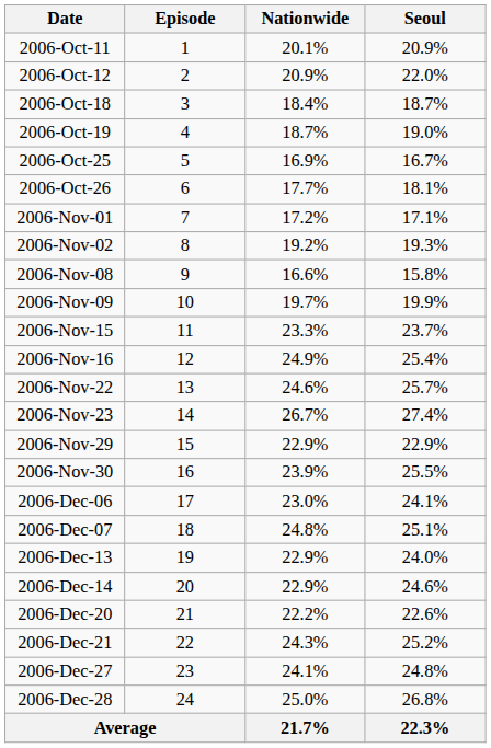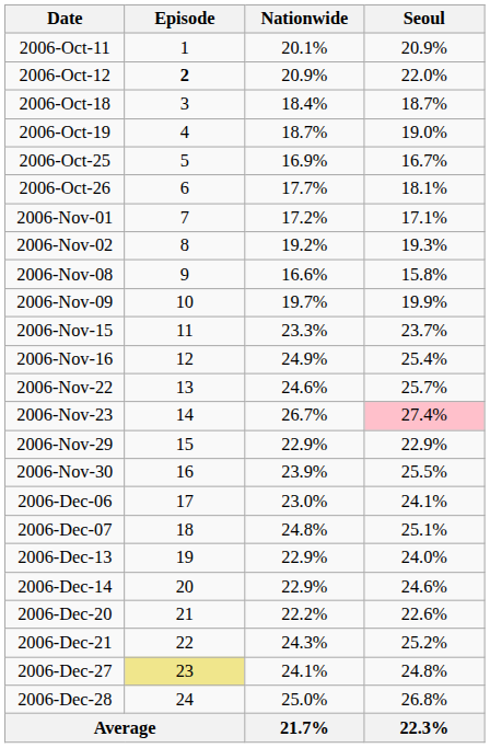 <table class="wikitable">
 <tr>
 <th width=100>Date</th>
 <th width=100>Episode</th>
 <th width=100>Nationwide</th>
 <th width=100>Seoul</th>
 </tr>
 <tr align=center>
 <td>2006-Oct-11</td>
 <td>1</td>
 <td>20.1%</td>
 <td>20.9%</td>
 </tr>
 <tr align=center>
 <td>2006-Oct-12</td>
-<td>2</td>
+<td><strong>2</strong></td>
 <td>20.9%</td>
 <td>22.0%</td>
 </tr>
 <tr align=center>
 <td>2006-Oct-18</td>
 <td>3</td>
 <td>18.4%</td>
 <td>18.7%</td>
 </tr>
 <tr align=center>
 <td>2006-Oct-19</td>
 <td>4</td>
 <td>18.7%</td>
 <td>19.0%</td>
 </tr>
 <tr align=center>
 <td>2006-Oct-25</td>
 <td>5</td>
 <td>16.9%</td>
 <td>16.7%</td>
 </tr>
 <tr align=center>
 <td>2006-Oct-26</td>
 <td>6</td>
 <td>17.7%</td>
 <td>18.1%</td>
 </tr>
 <tr align=center>
 <td>2006-Nov-01</td>
 <td>7</td>
 <td>17.2%</td>
 <td>17.1%</td>
 </tr>
 <tr align=center>
 <td>2006-Nov-02</td>
 <td>8</td>
 <td>19.2%</td>
 <td>19.3%</td>
 </tr>
 <tr align=center>
 <td>2006-Nov-08</td>
 <td>9</td>
 <td>16.6%</td>
 <td>15.8%</td>
 </tr>
 <tr align=center>
 <td>2006-Nov-09</td>
 <td>10</td>
 <td>19.7%</td>
 <td>19.9%</td>
 </tr>
 <tr align=center>
 <td>2006-Nov-15</td>
 <td>11</td>
 <td>23.3%</td>
 <td>23.7%</td>
 </tr>
 <tr align=center>
 <td>2006-Nov-16</td>
 <td>12</td>
 <td>24.9%</td>
 <td>25.4%</td>
 </tr>
 <tr align=center>
 <td>2006-Nov-22</td>
 <td>13</td>
 <td>24.6%</td>
 <td>25.7%</td>
 </tr>
 <tr align=center>
 <td>2006-Nov-23</td>
 <td>14</td>
 <td>26.7%</td>
-<td>27.4%</td>
+<td style="background: pink;">27.4%</td>
 </tr>
 <tr align=center>
 <td>2006-Nov-29</td>
 <td>15</td>
 <td>22.9%</td>
 <td>22.9%</td>
 </tr>
 <tr align=center>
 <td>2006-Nov-30</td>
 <td>16</td>
 <td>23.9%</td>
 <td>25.5%</td>
 </tr>
 <tr align=center>
 <td>2006-Dec-06</td>
 <td>17</td>
 <td>23.0%</td>
 <td>24.1%</td>
 </tr>
 <tr align=center>
 <td>2006-Dec-07</td>
 <td>18</td>
 <td>24.8%</td>
 <td>25.1%</td>
 </tr>
 <tr align=center>
 <td>2006-Dec-13</td>
 <td>19</td>
 <td>22.9%</td>
 <td>24.0%</td>
 </tr>
 <tr align=center>
 <td>2006-Dec-14</td>
 <td>20</td>
 <td>22.9%</td>
 <td>24.6%</td>
 </tr>
 <tr align=center>
 <td>2006-Dec-20</td>
 <td>21</td>
 <td>22.2%</td>
 <td>22.6%</td>
 </tr>
 <tr align=center>
 <td>2006-Dec-21</td>
 <td>22</td>
 <td>24.3%</td>
 <td>25.2%</td>
 </tr>
 <tr align=center>
 <td>2006-Dec-27</td>
-<td>23</td>
+<td style="background: khaki;">23</td>
 <td>24.1%</td>
 <td>24.8%</td>
 </tr>
 <tr align=center>
 <td>2006-Dec-28</td>
 <td>24</td>
 <td>25.0%</td>
 <td>26.8%</td>
 </tr>
 <tr align="center">
 <th colspan=2>Average</th>
 <th>21.7%</th>
 <th>22.3%</th>
 </tr>
 </table>
